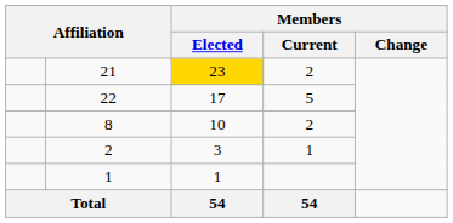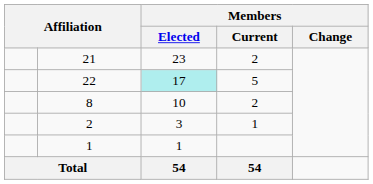 <table class="wikitable" style="font-size: 95%; text-align: center;">
 <tr>
 <th colspan="2" rowspan="2" class=unsortable style="text-align: center; vertical-align: middle; width: 150px;">Affiliation</th>
 <th colspan="3" style="vertical-align: top;">Members</th>
 </tr>
 <tr>
 <th data-sort-type=number style="width: 80px;"><a href='#'>Elected</a></th>
 <th style="width: 80px;">Current</th>
 <th style="width: 80px;">Change</th>
 </tr>
 <tr>
 <td></td>
 <td>21</td>
-<td style="background: gold;">23</td>
+<td>23</td>
 <td> 2</td>
 </tr>
 <tr>
 <td></td>
 <td>22</td>
-<td>17</td>
+<td style="background: paleturquoise;">17</td>
 <td> 5</td>
 </tr>
 <tr>
 <td></td>
 <td>8</td>
 <td>10</td>
 <td> 2</td>
 </tr>
 <tr>
 <td></td>
 <td>2</td>
 <td>3</td>
 <td> 1</td>
 </tr>
 <tr>
 <td></td>
 <td>1</td>
 <td>1</td>
 <td></td>
 </tr>
 <tr>
 <th colspan="2">Total</th>
 <th>54</th>
 <th>54</th>
 <td></td>
 </tr>
 </table>
